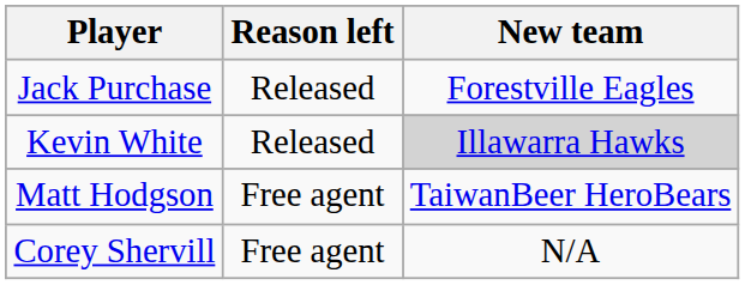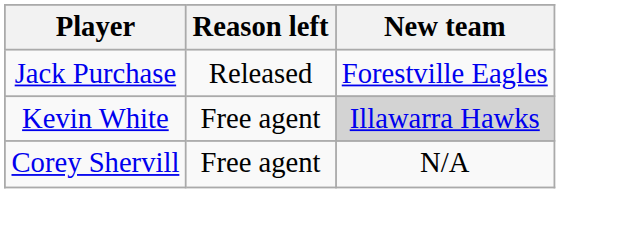 <table class="wikitable sortable sortable" style="text-align: center">
 <tr>
 <th>Player</th>
 <th>Reason left</th>
 <th>New team</th>
 </tr>
 <tr>
 <td><a href='#'>Jack Purchase</a></td>
 <td>Released</td>
 <td><a href='#'>Forestville Eagles</a></td>
 </tr>
 <tr>
 <td><a href='#'>Kevin White</a></td>
-<td>Released</td>
+<td>Free agent</td>
 <td style="background: lightgrey;"><a href='#'>Illawarra Hawks</a></td>
-</tr>
-<tr>
-<td><a href='#'>Matt Hodgson</a></td>
-<td>Free agent</td>
-<td><a href='#'>TaiwanBeer HeroBears</a></td>
 </tr>
 <tr>
 <td><a href='#'>Corey Shervill</a></td>
 <td>Free agent</td>
 <td>N/A</td>
 </tr>
 </table>
